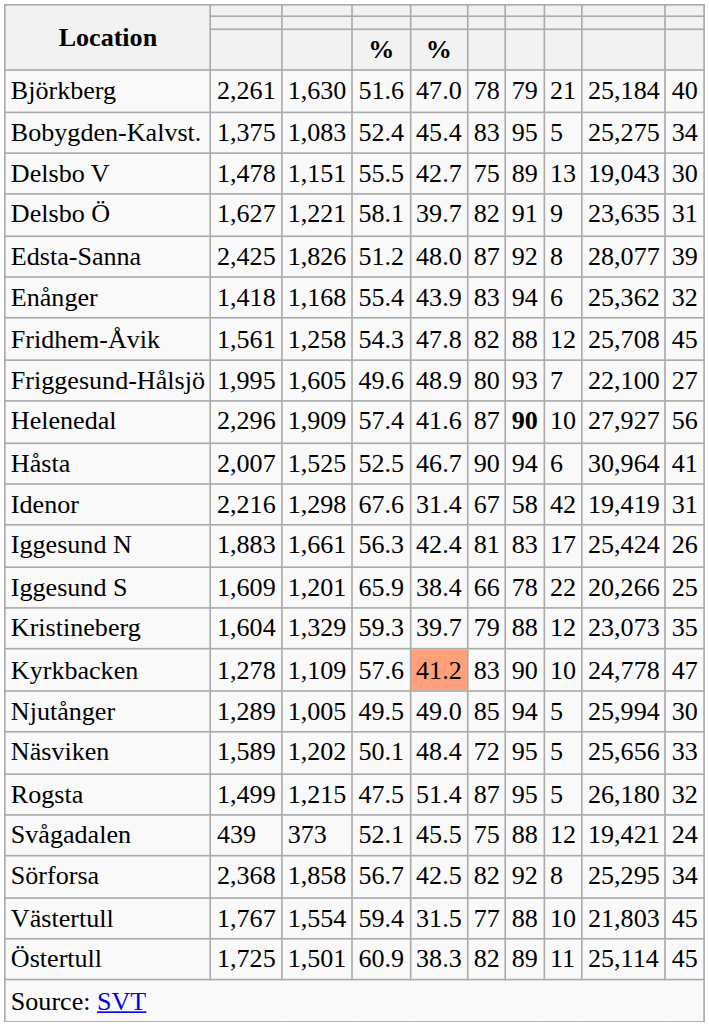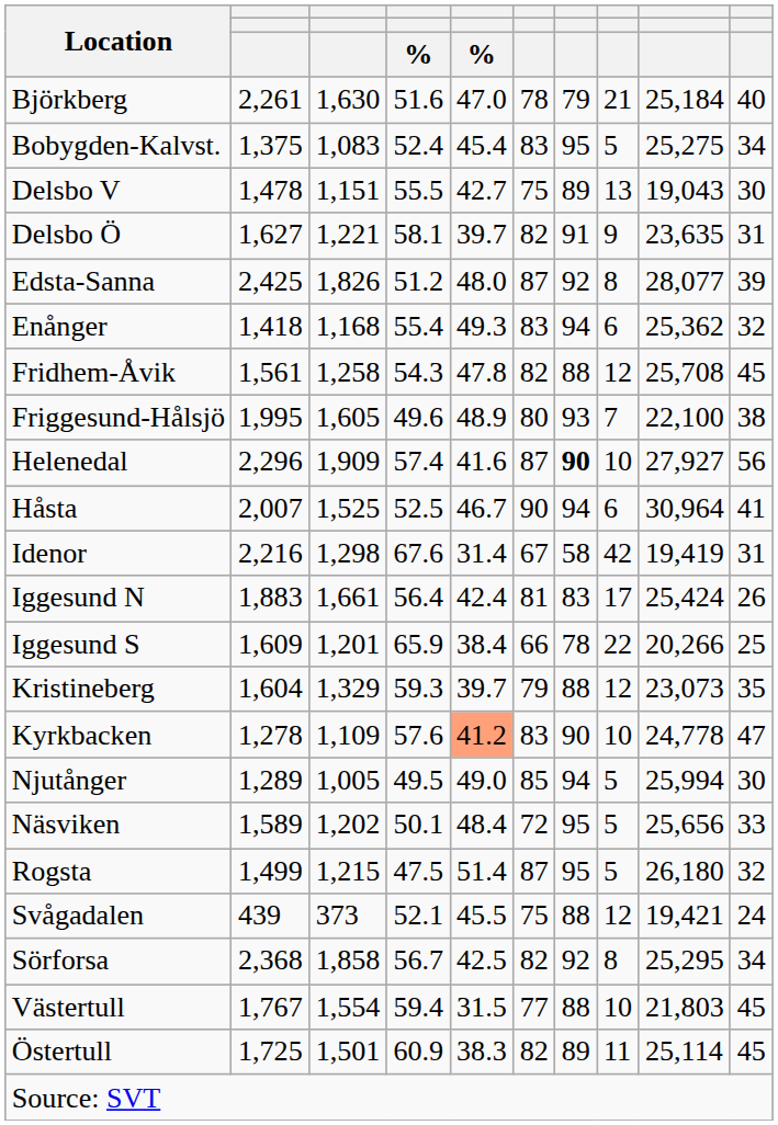 <table role="presentation" class="wikitable sortable mw-collapsible mw-collapsed">
 <tr>
 <th rowspan="3">Location</th>
 <th></th>
 <th></th>
 <th></th>
 <th></th>
 <th></th>
 <th></th>
 <th></th>
 <th></th>
 <th></th>
 </tr>
 <tr>
 <th></th>
 <th></th>
 <th style="background:"></th>
 <th style="background:"></th>
 <th></th>
 <th></th>
 <th></th>
 <th></th>
 <th></th>
 </tr>
 <tr>
 <th data-sort-type="number"></th>
 <th data-sort-type="number"></th>
 <th data-sort-type="number">%</th>
 <th data-sort-type="number">%</th>
 <th data-sort-type="number"></th>
 <th data-sort-type="number"></th>
 <th data-sort-type="number"></th>
 <th data-sort-type="number"></th>
 <th data-sort-type="number"></th>
 </tr>
 <tr>
 <td align="left">Björkberg</td>
 <td>2,261</td>
 <td>1,630</td>
 <td>51.6</td>
 <td>47.0</td>
 <td>78</td>
 <td>79</td>
 <td>21</td>
 <td>25,184</td>
 <td>40</td>
 </tr>
 <tr>
 <td align="left">Bobygden-Kalvst.</td>
 <td>1,375</td>
 <td>1,083</td>
 <td>52.4</td>
 <td>45.4</td>
 <td>83</td>
 <td>95</td>
 <td>5</td>
 <td>25,275</td>
 <td>34</td>
 </tr>
 <tr>
 <td align="left">Delsbo V</td>
 <td>1,478</td>
 <td>1,151</td>
 <td>55.5</td>
 <td>42.7</td>
 <td>75</td>
 <td>89</td>
 <td>13</td>
 <td>19,043</td>
 <td>30</td>
 </tr>
 <tr>
 <td align="left">Delsbo Ö</td>
 <td>1,627</td>
 <td>1,221</td>
 <td>58.1</td>
 <td>39.7</td>
 <td>82</td>
 <td>91</td>
 <td>9</td>
 <td>23,635</td>
 <td>31</td>
 </tr>
 <tr>
 <td align="left">Edsta-Sanna</td>
 <td>2,425</td>
 <td>1,826</td>
 <td>51.2</td>
 <td>48.0</td>
 <td>87</td>
 <td>92</td>
 <td>8</td>
 <td>28,077</td>
 <td>39</td>
 </tr>
 <tr>
 <td align="left">Enånger</td>
 <td>1,418</td>
 <td>1,168</td>
 <td>55.4</td>
-<td>43.9</td>
+<td>49.3</td>
 <td>83</td>
 <td>94</td>
 <td>6</td>
 <td>25,362</td>
 <td>32</td>
 </tr>
 <tr>
 <td align="left">Fridhem-Åvik</td>
 <td>1,561</td>
 <td>1,258</td>
 <td>54.3</td>
 <td>47.8</td>
 <td>82</td>
 <td>88</td>
 <td>12</td>
 <td>25,708</td>
 <td>45</td>
 </tr>
 <tr>
 <td align="left">Friggesund-Hålsjö</td>
 <td>1,995</td>
 <td>1,605</td>
 <td>49.6</td>
 <td>48.9</td>
 <td>80</td>
 <td>93</td>
 <td>7</td>
 <td>22,100</td>
-<td>27</td>
+<td>38</td>
 </tr>
 <tr>
 <td align="left">Helenedal</td>
 <td>2,296</td>
 <td>1,909</td>
 <td>57.4</td>
 <td>41.6</td>
 <td>87</td>
 <td><strong>90</strong></td>
 <td>10</td>
 <td>27,927</td>
 <td>56</td>
 </tr>
 <tr>
 <td align="left">Håsta</td>
 <td>2,007</td>
 <td>1,525</td>
 <td>52.5</td>
 <td>46.7</td>
 <td>90</td>
 <td>94</td>
 <td>6</td>
 <td>30,964</td>
 <td>41</td>
 </tr>
 <tr>
 <td align="left">Idenor</td>
 <td>2,216</td>
 <td>1,298</td>
 <td>67.6</td>
 <td>31.4</td>
 <td>67</td>
 <td>58</td>
 <td>42</td>
 <td>19,419</td>
 <td>31</td>
 </tr>
 <tr>
 <td align="left">Iggesund N</td>
 <td>1,883</td>
 <td>1,661</td>
-<td>56.3</td>
+<td>56.4</td>
 <td>42.4</td>
 <td>81</td>
 <td>83</td>
 <td>17</td>
 <td>25,424</td>
 <td>26</td>
 </tr>
 <tr>
 <td align="left">Iggesund S</td>
 <td>1,609</td>
 <td>1,201</td>
 <td>65.9</td>
 <td>38.4</td>
 <td>66</td>
 <td>78</td>
 <td>22</td>
 <td>20,266</td>
 <td>25</td>
 </tr>
 <tr>
 <td align="left">Kristineberg</td>
 <td>1,604</td>
 <td>1,329</td>
 <td>59.3</td>
 <td>39.7</td>
 <td>79</td>
 <td>88</td>
 <td>12</td>
 <td>23,073</td>
 <td>35</td>
 </tr>
 <tr>
 <td align="left">Kyrkbacken</td>
 <td>1,278</td>
 <td>1,109</td>
 <td>57.6</td>
 <td style="background: lightsalmon;">41.2</td>
 <td>83</td>
 <td>90</td>
 <td>10</td>
 <td>24,778</td>
 <td>47</td>
 </tr>
 <tr>
 <td align="left">Njutånger</td>
 <td>1,289</td>
 <td>1,005</td>
 <td>49.5</td>
 <td>49.0</td>
 <td>85</td>
 <td>94</td>
 <td>5</td>
 <td>25,994</td>
 <td>30</td>
 </tr>
 <tr>
 <td align="left">Näsviken</td>
 <td>1,589</td>
 <td>1,202</td>
 <td>50.1</td>
 <td>48.4</td>
 <td>72</td>
 <td>95</td>
 <td>5</td>
 <td>25,656</td>
 <td>33</td>
 </tr>
 <tr>
 <td align="left">Rogsta</td>
 <td>1,499</td>
 <td>1,215</td>
 <td>47.5</td>
 <td>51.4</td>
 <td>87</td>
 <td>95</td>
 <td>5</td>
 <td>26,180</td>
 <td>32</td>
 </tr>
 <tr>
 <td align="left">Svågadalen</td>
 <td>439</td>
 <td>373</td>
 <td>52.1</td>
 <td>45.5</td>
 <td>75</td>
 <td>88</td>
 <td>12</td>
 <td>19,421</td>
 <td>24</td>
 </tr>
 <tr>
 <td align="left">Sörforsa</td>
 <td>2,368</td>
 <td>1,858</td>
 <td>56.7</td>
 <td>42.5</td>
 <td>82</td>
 <td>92</td>
 <td>8</td>
 <td>25,295</td>
 <td>34</td>
 </tr>
 <tr>
 <td align="left">Västertull</td>
 <td>1,767</td>
 <td>1,554</td>
 <td>59.4</td>
 <td>31.5</td>
 <td>77</td>
 <td>88</td>
 <td>10</td>
 <td>21,803</td>
 <td>45</td>
 </tr>
 <tr>
 <td align="left">Östertull</td>
 <td>1,725</td>
 <td>1,501</td>
 <td>60.9</td>
 <td>38.3</td>
 <td>82</td>
 <td>89</td>
 <td>11</td>
 <td>25,114</td>
 <td>45</td>
 </tr>
 <tr>
 <td colspan="10" align="left">Source: <a href='#'>SVT</a></td>
 </tr>
 </table>
